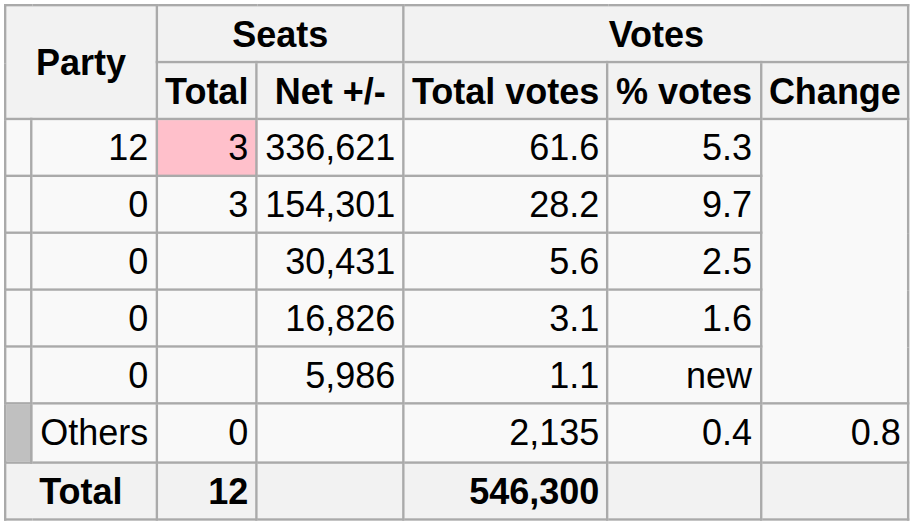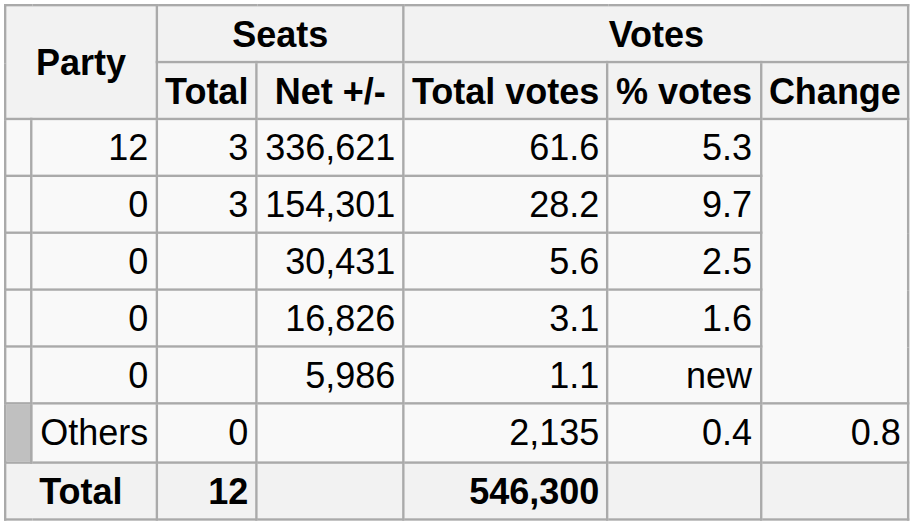 <table class="wikitable" style="text-align:right; font-size:95%;">
 <tr>
 <th colspan="2" rowspan="2">Party</th>
 <th colspan="2">Seats</th>
 <th colspan="3">Votes</th>
 </tr>
 <tr>
 <th>Total</th>
 <th>Net +/-</th>
 <th>Total votes</th>
 <th>% votes</th>
 <th>Change</th>
 </tr>
 <tr>
 <td></td>
 <td>12</td>
-<td style="background: pink;">3</td>
+<td>3</td>
 <td>336,621</td>
 <td>61.6</td>
 <td>5.3</td>
 </tr>
 <tr>
 <td></td>
 <td>0</td>
 <td>3</td>
 <td>154,301</td>
 <td>28.2</td>
 <td>9.7</td>
 </tr>
 <tr>
 <td></td>
 <td>0</td>
 <td></td>
 <td>30,431</td>
 <td>5.6</td>
 <td>2.5</td>
 </tr>
 <tr>
 <td></td>
 <td>0</td>
 <td></td>
 <td>16,826</td>
 <td>3.1</td>
 <td>1.6</td>
 </tr>
 <tr>
 <td></td>
 <td>0</td>
 <td></td>
 <td>5,986</td>
 <td>1.1</td>
 <td>new</td>
 </tr>
 <tr>
 <td style="background:silver;"> </td>
 <td align=left>Others</td>
 <td>0</td>
 <td></td>
 <td>2,135</td>
 <td>0.4</td>
 <td>0.8</td>
 </tr>
 <tr>
 <th colspan="2" style="background:#f2f2f2">Total</th>
 <td style="background:#f2f2f2;"><strong>12</strong></td>
 <td style="background:#f2f2f2;"></td>
 <td style="background:#f2f2f2;"><strong>546,300</strong></td>
 <td style="background:#f2f2f2;"></td>
 <td style="background:#f2f2f2;"></td>
 </tr>
 </table>
